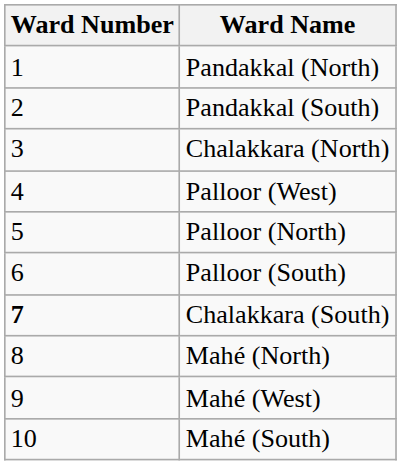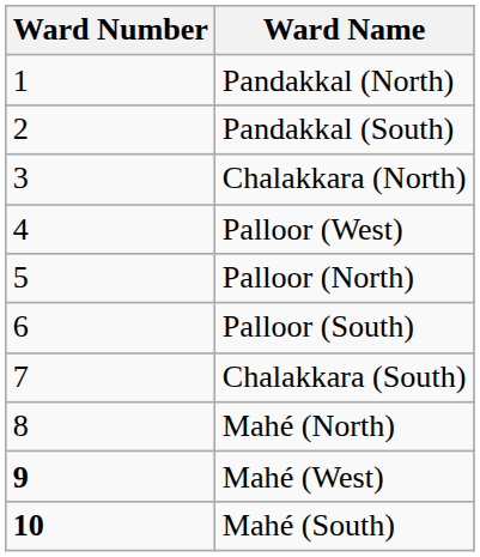 <table class="wikitable">
 <tr>
 <th>Ward Number</th>
 <th>Ward Name</th>
 </tr>
 <tr>
 <td>1</td>
 <td>Pandakkal (North)</td>
 </tr>
 <tr>
 <td>2</td>
 <td>Pandakkal (South)</td>
 </tr>
 <tr>
 <td>3</td>
 <td>Chalakkara (North)</td>
 </tr>
 <tr>
 <td>4</td>
 <td>Palloor (West)</td>
 </tr>
 <tr>
 <td>5</td>
 <td>Palloor (North)</td>
 </tr>
 <tr>
 <td>6</td>
 <td>Palloor (South)</td>
 </tr>
 <tr>
-<td><strong>7</strong></td>
+<td>7</td>
 <td>Chalakkara (South)</td>
 </tr>
 <tr>
 <td>8</td>
 <td>Mahé (North)</td>
 </tr>
 <tr>
-<td>9</td>
+<td><strong>9</strong></td>
 <td>Mahé (West)</td>
 </tr>
 <tr>
-<td>10</td>
+<td><strong>10</strong></td>
 <td>Mahé (South)</td>
 </tr>
 </table>
